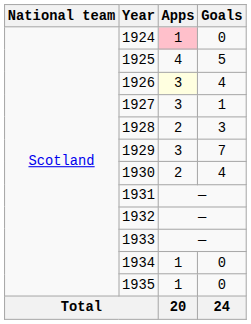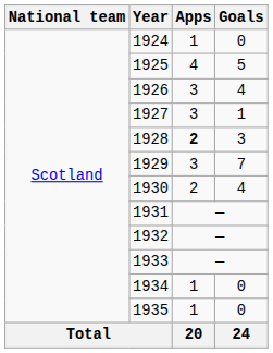 <table class="wikitable" style="font-size:100%; text-align: center">
 <tr>
 <th>National team</th>
 <th>Year</th>
 <th>Apps</th>
 <th>Goals</th>
 </tr>
 <tr>
 <td rowspan="12"><a href='#'>Scotland</a></td>
 <td>1924</td>
-<td style="background: pink;">1</td>
+<td>1</td>
 <td>0</td>
 </tr>
 <tr>
 <td>1925</td>
 <td>4</td>
 <td>5</td>
 </tr>
 <tr>
 <td>1926</td>
-<td style="background: lightyellow;">3</td>
+<td>3</td>
 <td>4</td>
 </tr>
 <tr>
 <td>1927</td>
 <td>3</td>
 <td>1</td>
 </tr>
 <tr>
 <td>1928</td>
-<td>2</td>
+<td><strong>2</strong></td>
 <td>3</td>
 </tr>
 <tr>
 <td>1929</td>
 <td>3</td>
 <td>7</td>
 </tr>
 <tr>
 <td>1930</td>
 <td>2</td>
 <td>4</td>
 </tr>
 <tr>
 <td>1931</td>
 <td colspan=2>—</td>
 </tr>
 <tr>
 <td>1932</td>
 <td colspan=2>—</td>
 </tr>
 <tr>
 <td>1933</td>
 <td colspan=2>—</td>
 </tr>
 <tr>
 <td>1934</td>
 <td>1</td>
 <td>0</td>
 </tr>
 <tr>
 <td>1935</td>
 <td>1</td>
 <td>0</td>
 </tr>
 <tr>
 <th colspan=2>Total</th>
 <th>20</th>
 <th>24</th>
 </tr>
 </table>
